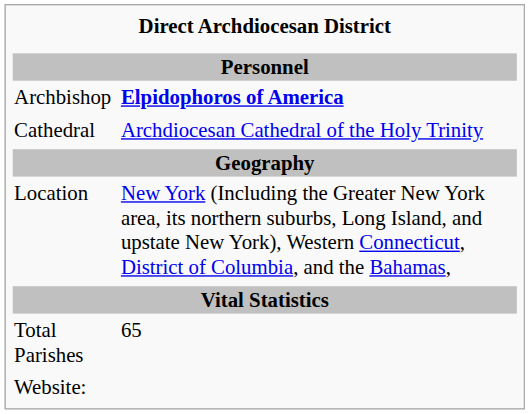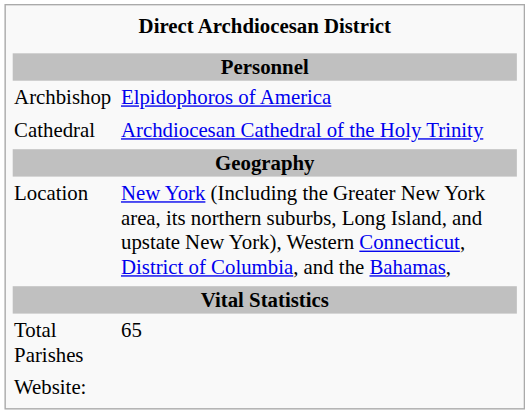 <table class ="infobox" style="width: 25em; text-align: left; font-size: 95%;">
 <tr align=center>
 <th colspan=2><strong>Direct Archdiocesan District</strong></th>
 </tr>
 <tr align=center>
 <th colspan=2></th>
 </tr>
 <tr>
 <th colspan=2></th>
 </tr>
 <tr ---- align=center bgcolor="c0c0c0">
 <th colspan=2><strong>Personnel</strong></th>
 </tr>
 <tr ---->
 <td>Archbishop</td>
-<td><strong><a href='#'>Elpidophoros of America</a></strong></td>
+<td><a href='#'>Elpidophoros of America</a></td>
 </tr>
 <tr>
 </tr>
 <tr>
 <td>Cathedral</td>
 <td><a href='#'>Archdiocesan Cathedral of the Holy Trinity</a></td>
 </tr>
 <tr>
 </tr>
 <tr ---- align=center bgcolor="c0c0c0">
 <th colspan=2><strong>Geography</strong></th>
 </tr>
 <tr>
 <td>Location</td>
 <td><a href='#'>New York</a> (Including the Greater New York area, its northern suburbs, Long Island, and upstate New York), Western <a href='#'>Connecticut</a>, <a href='#'>District of Columbia</a>, and the <a href='#'>Bahamas</a>,</td>
 </tr>
 <tr>
 </tr>
 <tr ---- align=center bgcolor="c0c0c0">
 <th colspan=2><strong>Vital Statistics</strong></th>
 </tr>
 <tr>
 <td>Total Parishes</td>
 <td>65</td>
 </tr>
 <tr>
 </tr>
 <tr>
 <td>Website:</td>
 <td></td>
 </tr>
 </table>
